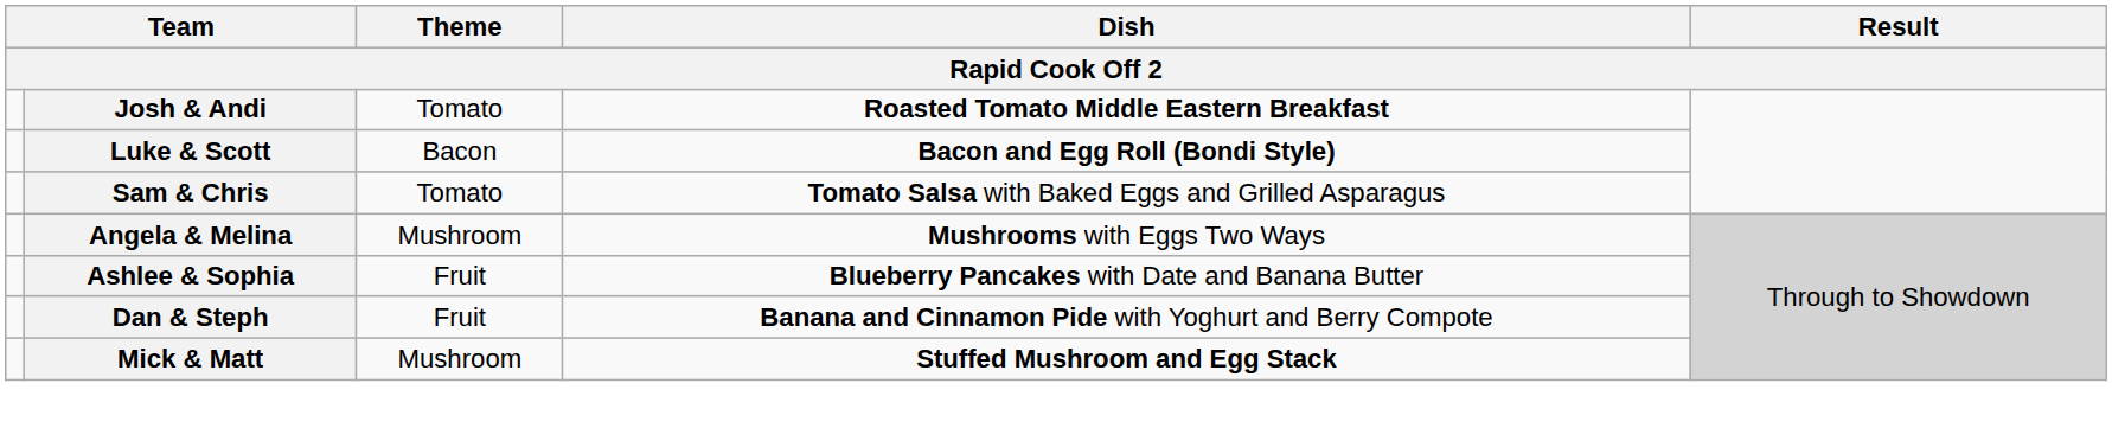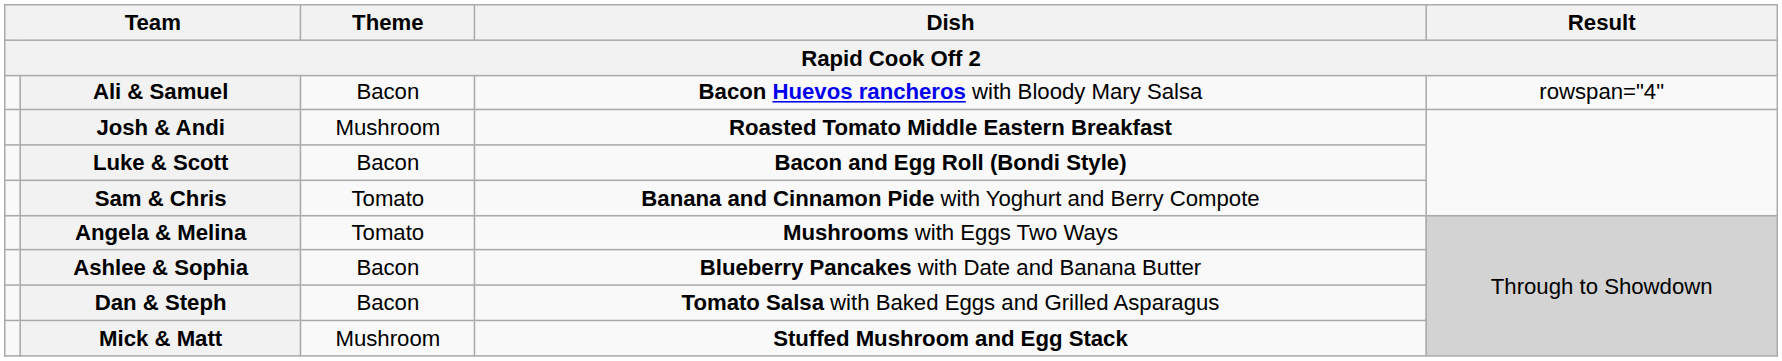 <table class="wikitable plainrowheaders" style="margin:1em auto; text-align:center; font-size:90%; width:80em;">
 <tr>
 <th colspan="2">Team</th>
 <th>Theme</th>
 <th>Dish</th>
 <th>Result</th>
 </tr>
 <tr>
 <th colspan="5" >Rapid Cook Off 2</th>
 </tr>
 <tr>
 <td></td>
+<th>Ali & Samuel</th>
+<td>Bacon</td>
+<td><strong>Bacon <a href='#'>Huevos rancheros</a></strong> with Bloody Mary Salsa</td>
+<td>rowspan="4" </td>
+</tr>
+<tr>
+<td></td>
 <th>Josh & Andi</th>
-<td>Tomato</td>
+<td>Mushroom</td>
 <td><strong>Roasted Tomato Middle Eastern Breakfast</strong></td>
 </tr>
 <tr>
 <td></td>
 <th>Luke & Scott</th>
 <td>Bacon</td>
 <td><strong>Bacon and Egg Roll (Bondi Style)</strong></td>
 </tr>
 <tr>
 <td></td>
 <th>Sam & Chris</th>
 <td>Tomato</td>
-<td><strong>Tomato Salsa</strong> with Baked Eggs and Grilled Asparagus</td>
+<td><strong>Banana and Cinnamon Pide</strong> with Yoghurt and Berry Compote</td>
 </tr>
 <tr>
 <td></td>
 <th>Angela & Melina</th>
-<td>Mushroom</td>
+<td>Tomato</td>
 <td><strong>Mushrooms</strong> with Eggs Two Ways</td>
 <td rowspan="4" bgcolor=lightgray>Through to Showdown</td>
 </tr>
 <tr>
 <td></td>
 <th>Ashlee & Sophia</th>
-<td>Fruit</td>
+<td>Bacon</td>
 <td><strong>Blueberry Pancakes</strong> with Date and Banana Butter</td>
 </tr>
 <tr>
 <td></td>
 <th>Dan & Steph</th>
-<td>Fruit</td>
-<td><strong>Banana and Cinnamon Pide</strong> with Yoghurt and Berry Compote</td>
+<td>Bacon</td>
+<td><strong>Tomato Salsa</strong> with Baked Eggs and Grilled Asparagus</td>
 </tr>
 <tr>
 <td></td>
 <th>Mick & Matt</th>
 <td>Mushroom</td>
 <td><strong>Stuffed Mushroom and Egg Stack</strong></td>
 </tr>
 </table>
